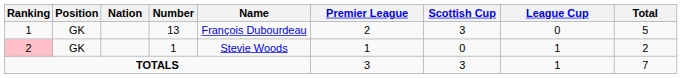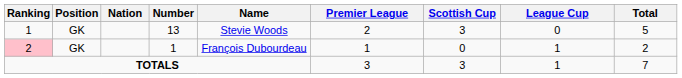 <table class="wikitable" style="font-size: 95%; text-align: center;">
 <tr>
 <th width=60>Ranking</th>
 <th width=60>Position</th>
 <th width=60>Nation</th>
 <th width=60>Number</th>
 <th width=150>Name</th>
 <th width=150><a href='#'>Premier League</a></th>
 <th width=100><a href='#'>Scottish Cup</a></th>
 <th width=150><a href='#'>League Cup</a></th>
 <th width=80>Total</th>
 </tr>
 <tr>
 <td>1</td>
 <td>GK</td>
 <td></td>
 <td>13</td>
-<td><a href='#'>François Dubourdeau</a></td>
+<td><a href='#'>Stevie Woods</a></td>
 <td>2</td>
 <td>3</td>
 <td>0</td>
 <td>5</td>
 </tr>
 <tr>
 <td style="background: pink;">2</td>
 <td>GK</td>
 <td></td>
 <td>1</td>
-<td><a href='#'>Stevie Woods</a></td>
+<td><a href='#'>François Dubourdeau</a></td>
 <td>1</td>
 <td>0</td>
 <td>1</td>
 <td>2</td>
 </tr>
 <tr>
 <td colspan="5"><strong>TOTALS</strong></td>
 <td>3</td>
 <td>3</td>
 <td>1</td>
 <td>7</td>
 </tr>
 </table>
